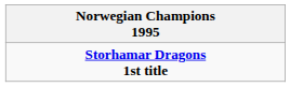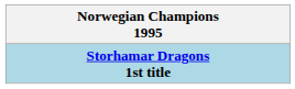 <table class="wikitable" style="text-align: center; margin: 0 auto; width: 20%">
 <tr>
 <th>Norwegian Champions<br>1995</th>
 </tr>
 <tr>
-<td><strong><a href='#'>Storhamar Dragons</a></strong><br><strong>1st title</strong></td>
+<td style="background: lightblue;"><strong><a href='#'>Storhamar Dragons</a></strong><br><strong>1st title</strong></td>
 </tr>
 </table>
